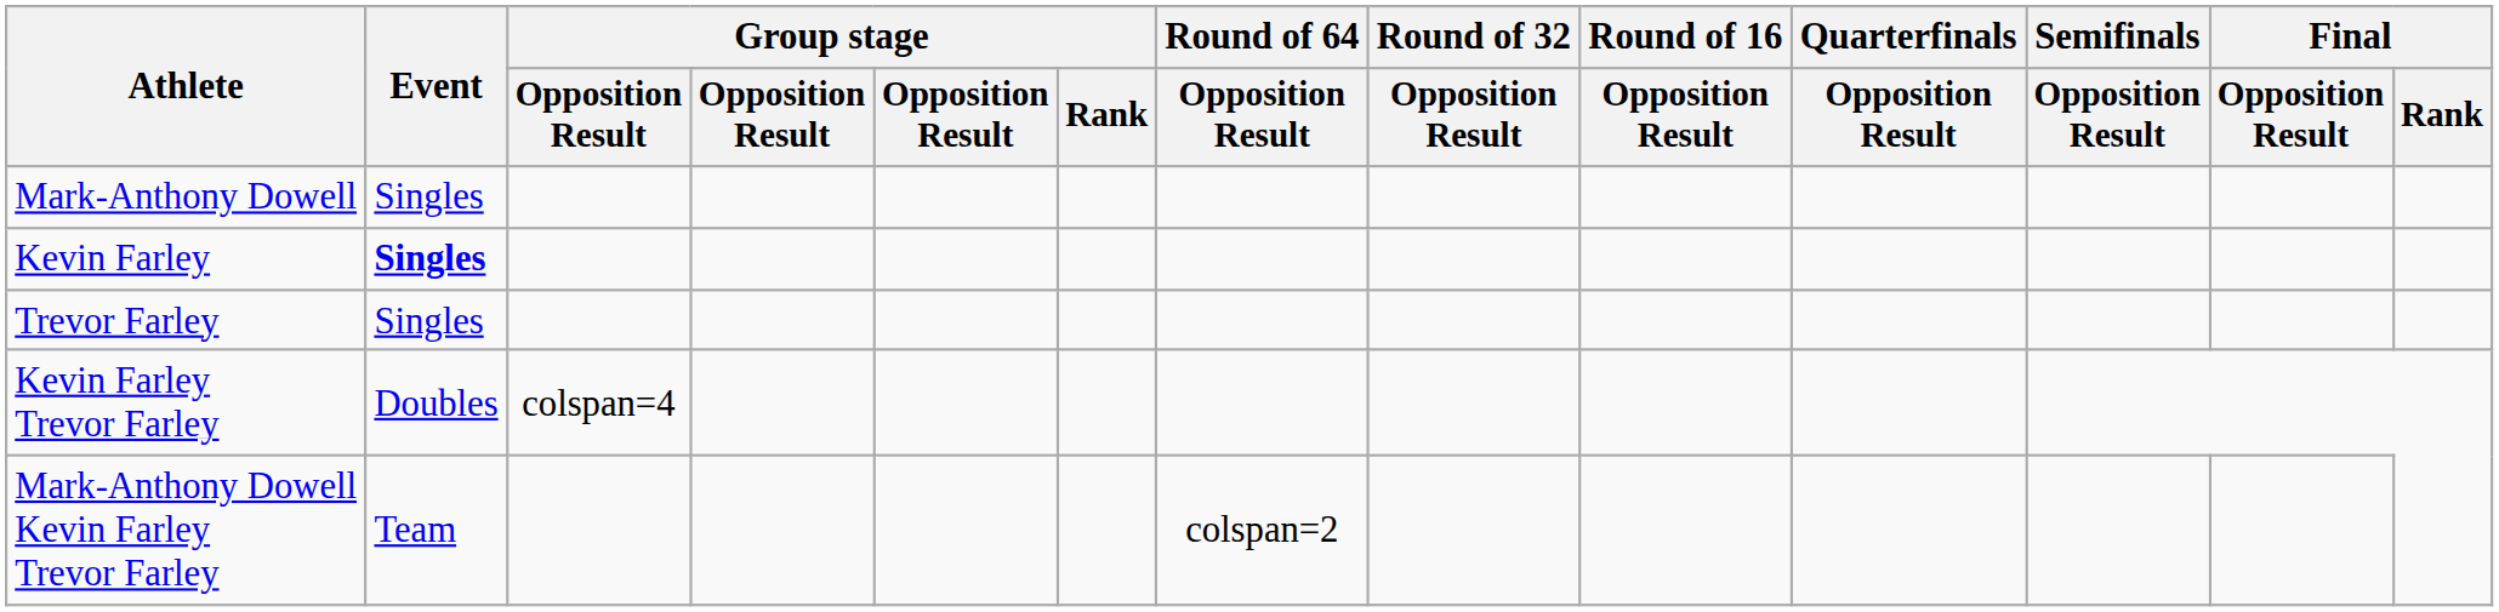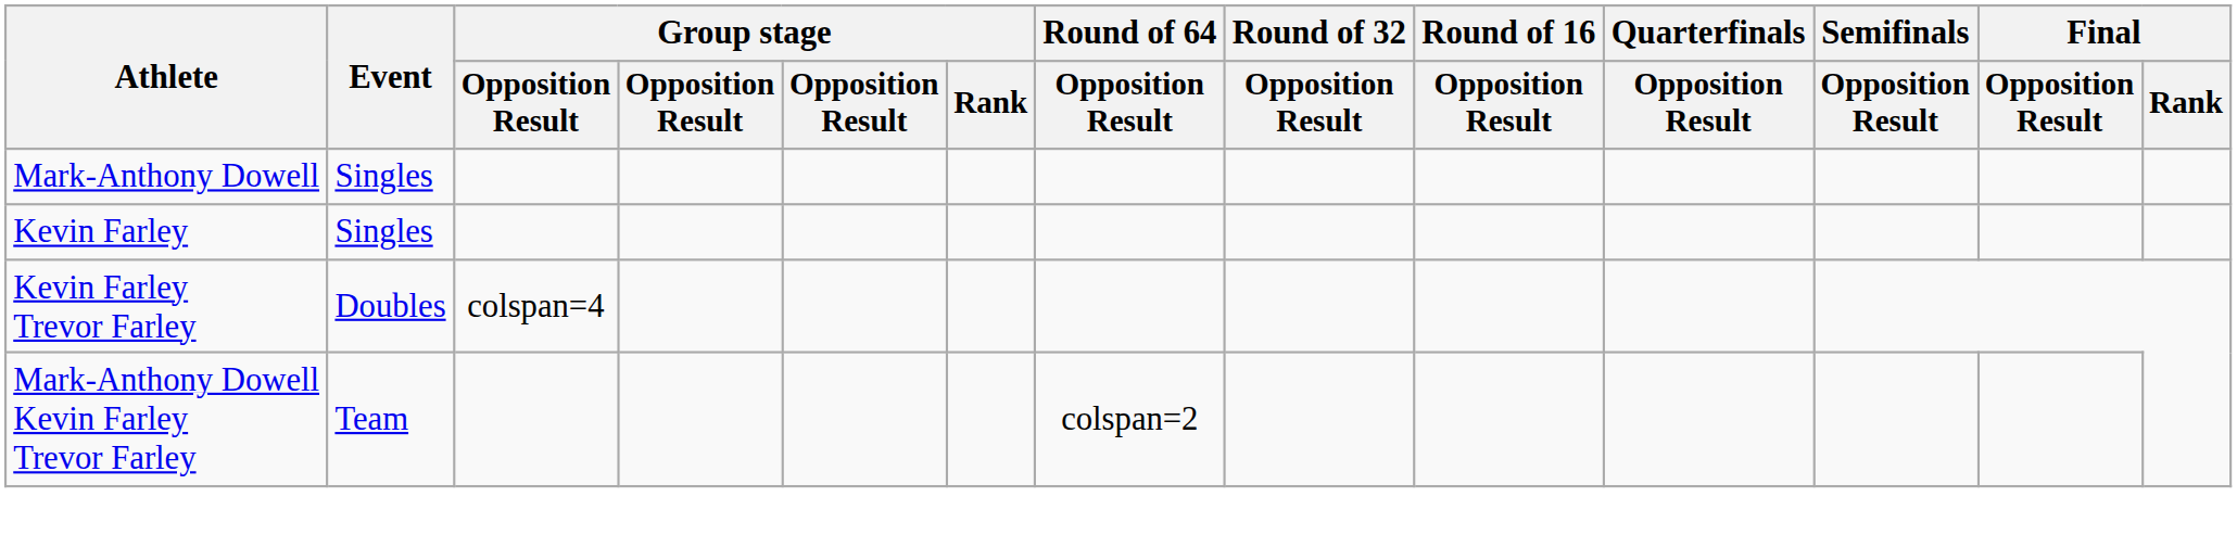 <table class="wikitable" style="font-size:90%">
 <tr>
 <th rowspan=2>Athlete</th>
 <th rowspan=2>Event</th>
 <th colspan=4>Group stage</th>
 <th>Round of 64</th>
 <th>Round of 32</th>
 <th>Round of 16</th>
 <th>Quarterfinals</th>
 <th>Semifinals</th>
 <th colspan=2>Final</th>
 </tr>
 <tr style="font-size:95%">
 <th>Opposition<br>Result</th>
 <th>Opposition<br>Result</th>
 <th>Opposition<br>Result</th>
 <th>Rank</th>
 <th>Opposition<br>Result</th>
 <th>Opposition<br>Result</th>
 <th>Opposition<br>Result</th>
 <th>Opposition<br>Result</th>
 <th>Opposition<br>Result</th>
 <th>Opposition<br>Result</th>
 <th>Rank</th>
 </tr>
 <tr align=center>
 <td align=left><a href='#'>Mark-Anthony Dowell</a></td>
 <td align=left><a href='#'>Singles</a></td>
 <td></td>
 <td></td>
 <td></td>
 <td></td>
 <td></td>
 <td></td>
 <td></td>
 <td></td>
 <td></td>
 <td></td>
 <td></td>
 </tr>
 <tr align=center>
 <td align=left><a href='#'>Kevin Farley</a></td>
-<td align=left><strong><a href='#'>Singles</a></strong></td>
-<td></td>
-<td></td>
-<td></td>
-<td></td>
-<td></td>
-<td></td>
-<td></td>
-<td></td>
-<td></td>
-<td></td>
-<td></td>
-</tr>
-<tr align=center>
-<td align=left><a href='#'>Trevor Farley</a></td>
 <td align=left><a href='#'>Singles</a></td>
 <td></td>
 <td></td>
 <td></td>
 <td></td>
 <td></td>
 <td></td>
 <td></td>
 <td></td>
 <td></td>
 <td></td>
 <td></td>
 </tr>
 <tr align=center>
 <td align=left><a href='#'>Kevin Farley</a><br><a href='#'>Trevor Farley</a></td>
 <td align=left><a href='#'>Doubles</a></td>
 <td>colspan=4 </td>
 <td></td>
 <td></td>
 <td></td>
 <td></td>
 <td></td>
 <td></td>
 <td></td>
 </tr>
 <tr align=center>
 <td align=left><a href='#'>Mark-Anthony Dowell</a><br><a href='#'>Kevin Farley</a><br><a href='#'>Trevor Farley</a></td>
 <td align=left><a href='#'>Team</a></td>
 <td></td>
 <td></td>
 <td></td>
 <td></td>
 <td>colspan=2 </td>
 <td></td>
 <td></td>
 <td></td>
 <td></td>
 <td></td>
 </tr>
 </table>
